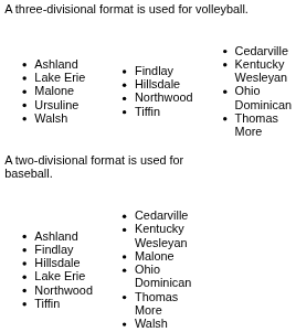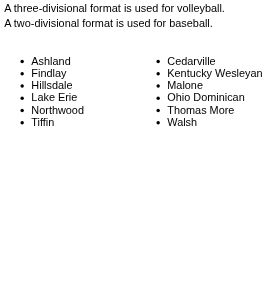 <table width=400 style="float:right">
 <tr>
 <td colspan=3>A three-divisional format is used for volleyball.</td>
-</tr>
-<tr>
-<td width=10%><br><ul><li>Ashland</li><li>Lake Erie</li><li>Malone</li><li>Ursuline</li><li>Walsh</li></ul></td>
-<td width=10%><br><ul><li>Findlay</li><li>Hillsdale</li><li>Northwood</li><li>Tiffin</li></ul></td>
-<td width=10%><br><ul><li>Cedarville</li><li>Kentucky Wesleyan</li><li>Ohio Dominican</li><li>Thomas More</li></ul></td>
 </tr>
 <tr>
 <td colspan=2>A two-divisional format is used for baseball.</td>
 </tr>
 <tr>
 <td width=10%><br><ul><li>Ashland</li><li>Findlay</li><li>Hillsdale</li><li>Lake Erie</li><li>Northwood</li><li>Tiffin</li></ul></td>
 <td width=10%><br><ul><li>Cedarville</li><li>Kentucky Wesleyan</li><li>Malone</li><li>Ohio Dominican</li><li>Thomas More</li><li>Walsh</li></ul></td>
 </tr>
 </table>
